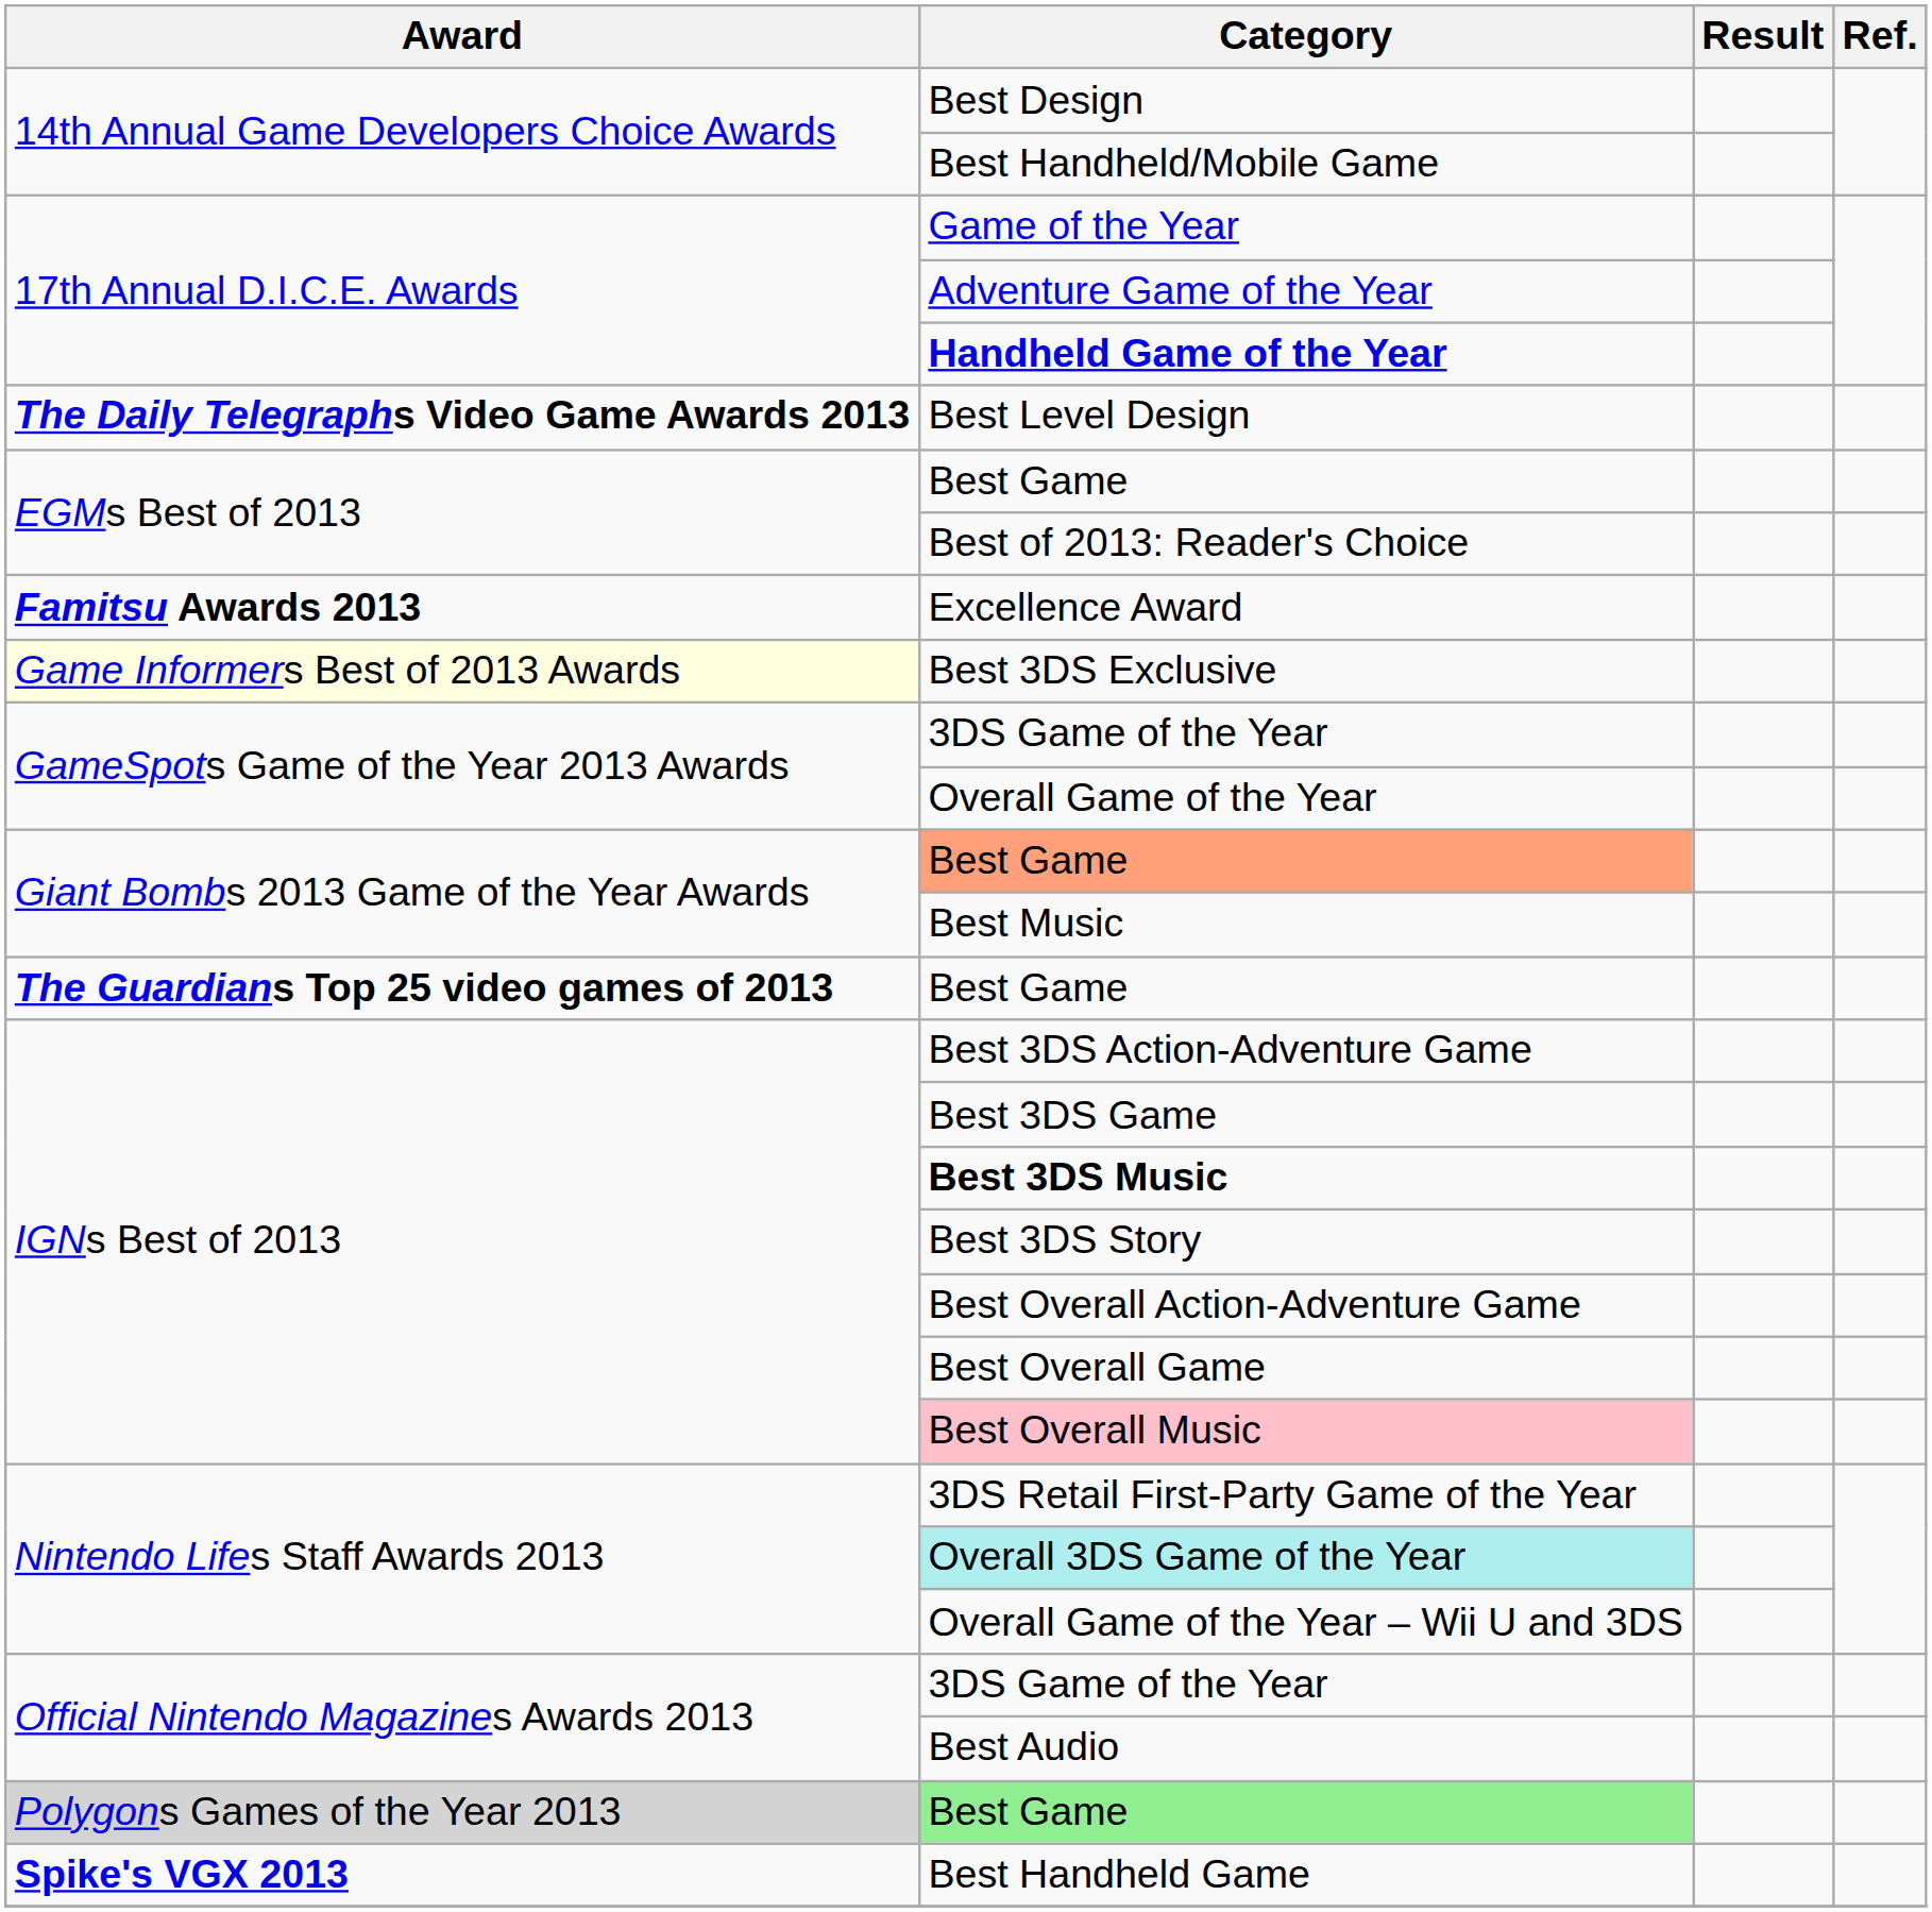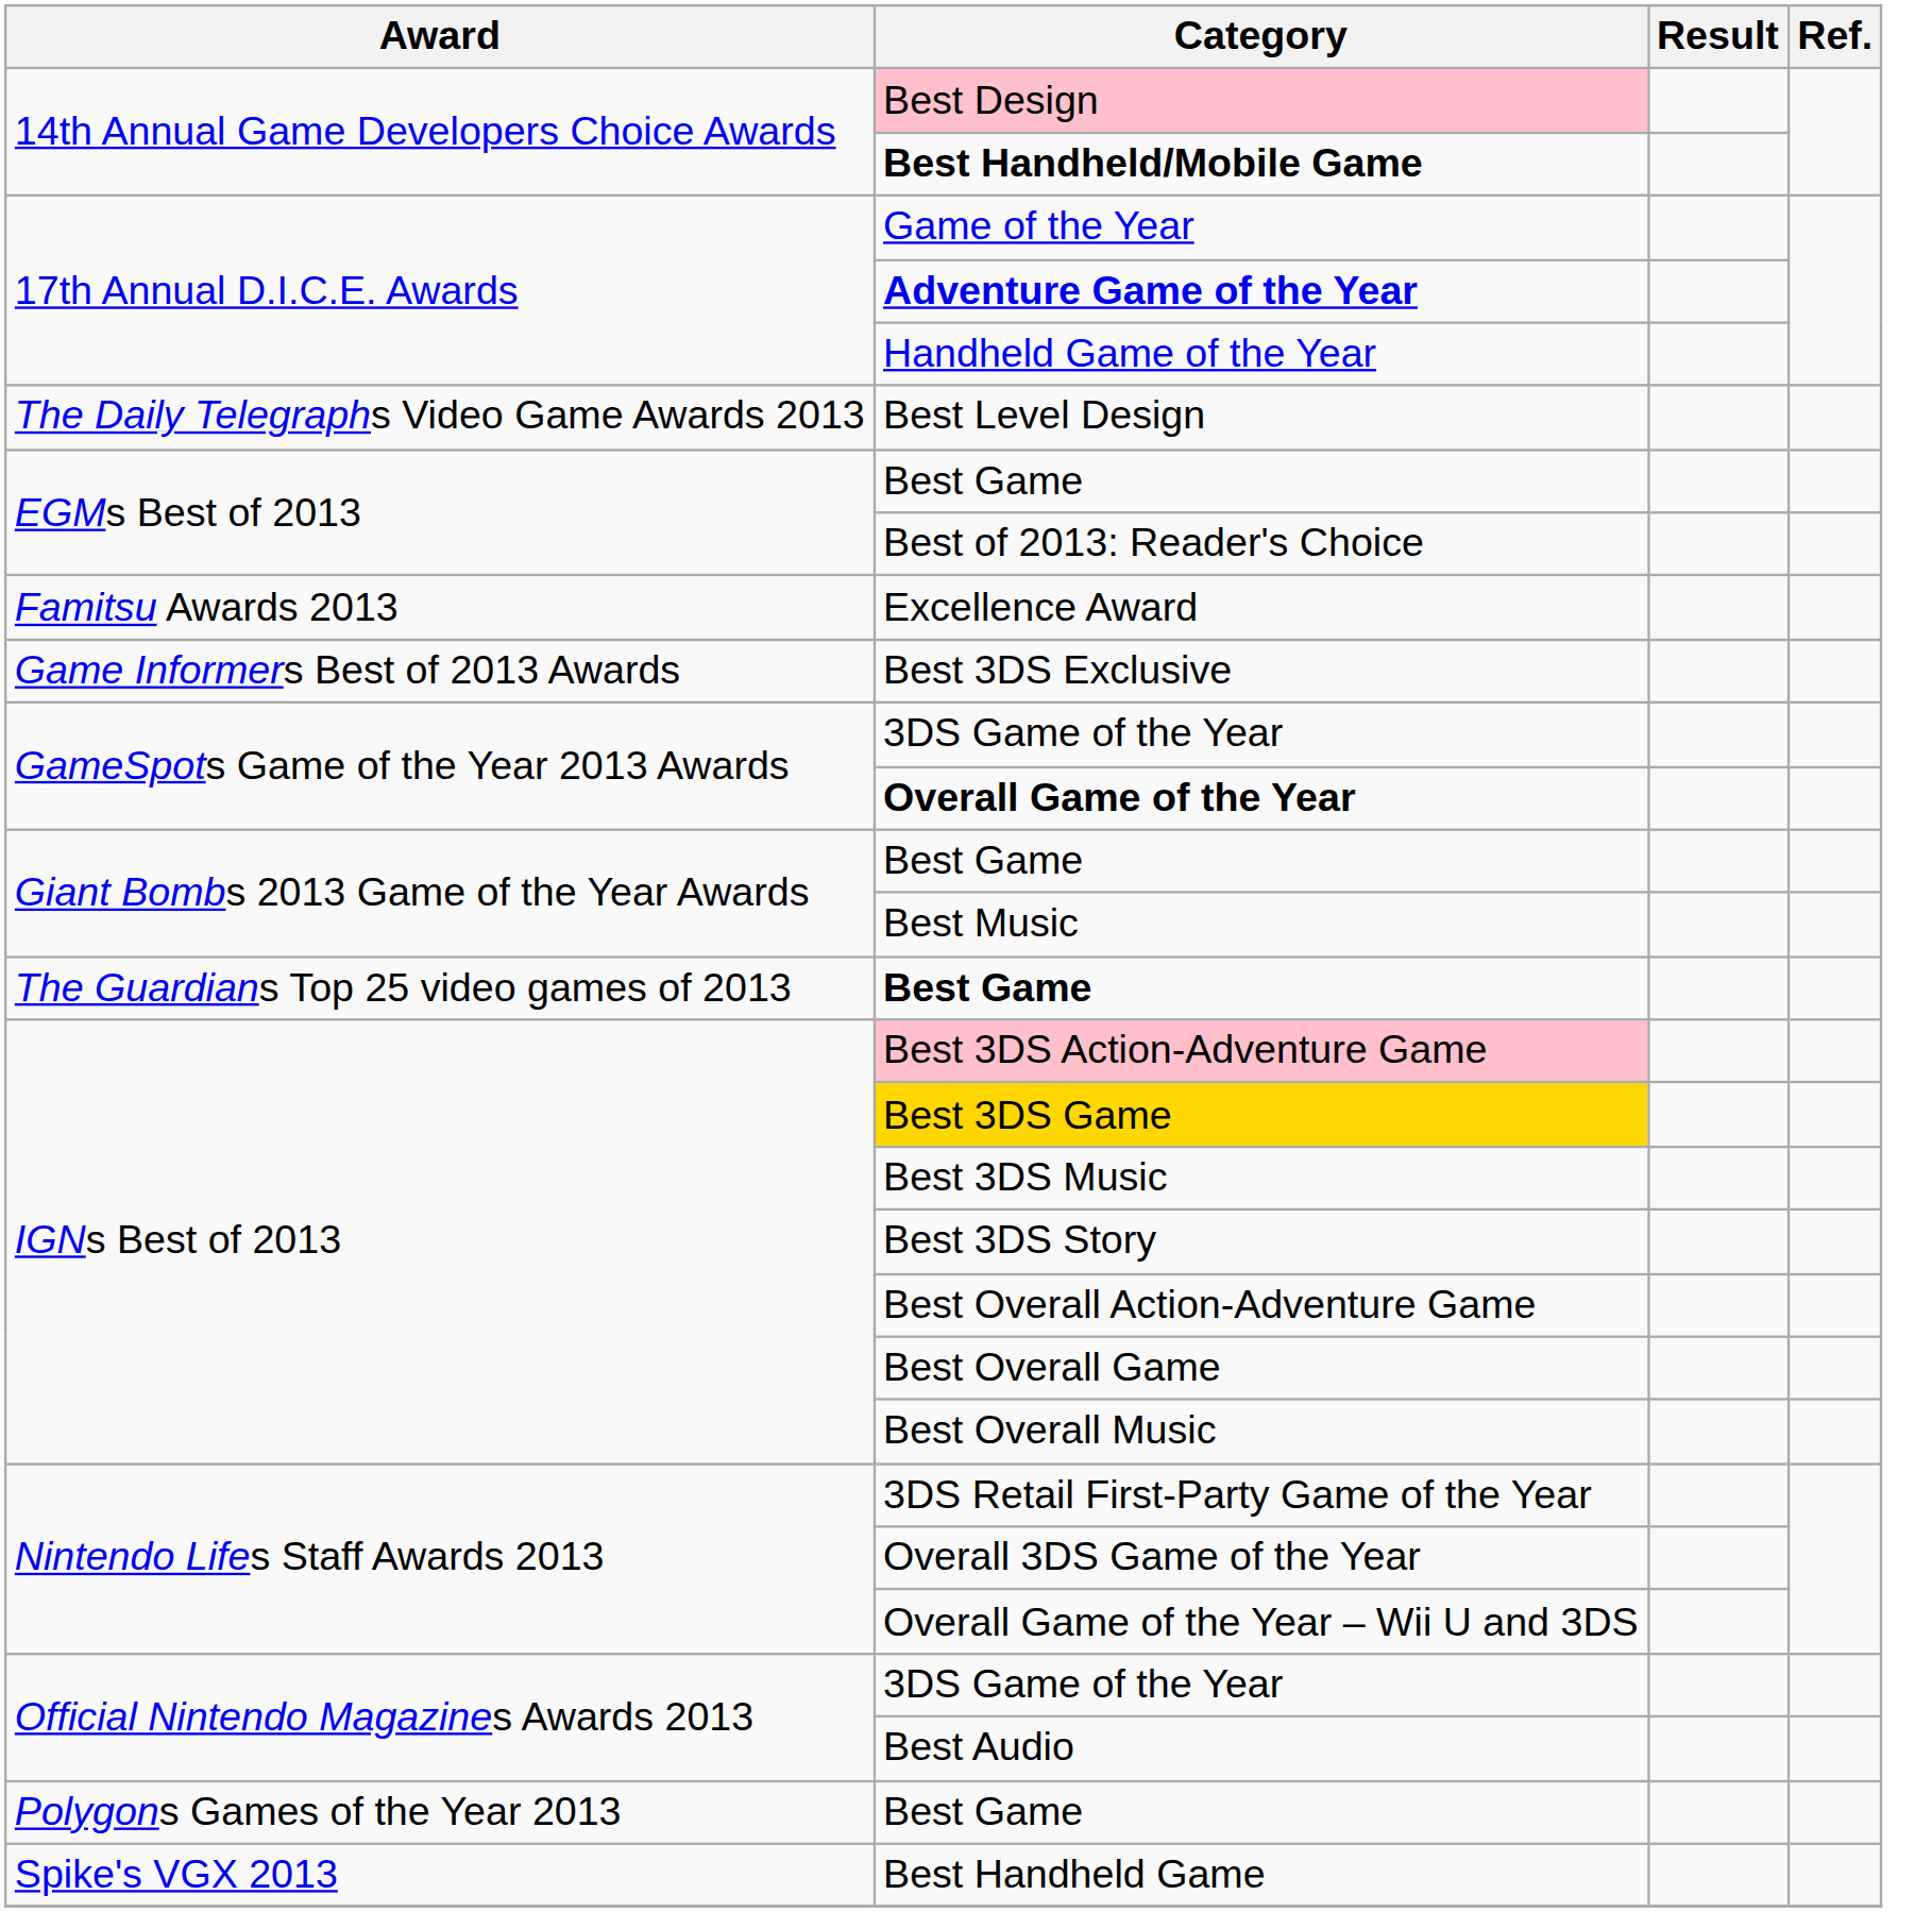 <table class="wikitable collapsible">
 <tr>
 <th>Award</th>
 <th>Category</th>
 <th>Result</th>
 <th>Ref.</th>
 </tr>
 <tr>
 <td rowspan="2"><a href='#'>14th Annual Game Developers Choice Awards</a></td>
-<td>Best Design</td>
+<td style="background: pink;">Best Design</td>
 <td></td>
 <td rowspan="2" style="text-align:center;"></td>
 </tr>
 <tr>
-<td>Best Handheld/Mobile Game</td>
+<td><strong>Best Handheld/Mobile Game</strong></td>
 <td></td>
 </tr>
 <tr>
 <td rowspan="3"><a href='#'>17th Annual D.I.C.E. Awards</a></td>
 <td><a href='#'>Game of the Year</a></td>
 <td></td>
 <td rowspan="3" style="text-align:center;"></td>
 </tr>
 <tr>
-<td><a href='#'>Adventure Game of the Year</a></td>
+<td><strong><a href='#'>Adventure Game of the Year</a></strong></td>
 <td></td>
 </tr>
 <tr>
-<td><strong><a href='#'>Handheld Game of the Year</a></strong></td>
+<td><a href='#'>Handheld Game of the Year</a></td>
 <td></td>
 </tr>
 <tr>
-<td><strong><em><a href='#'>The Daily Telegraph</a></em>s Video Game Awards 2013</strong></td>
+<td><em><a href='#'>The Daily Telegraph</a></em>s Video Game Awards 2013</td>
 <td>Best Level Design</td>
 <td></td>
 <td style="text-align:center;"></td>
 </tr>
 <tr>
 <td rowspan="2"><em><a href='#'>EGM</a></em>s Best of 2013</td>
 <td>Best Game</td>
 <td></td>
 <td style="text-align:center;"></td>
 </tr>
 <tr>
 <td>Best of 2013: Reader's Choice</td>
 <td></td>
 <td style="text-align:center;"></td>
 </tr>
 <tr>
-<td><strong><em><a href='#'>Famitsu</a></em> Awards 2013</strong></td>
+<td><em><a href='#'>Famitsu</a></em> Awards 2013</td>
 <td>Excellence Award</td>
 <td></td>
 <td style="text-align:center;"></td>
 </tr>
 <tr>
-<td style="background: lightyellow;"><em><a href='#'>Game Informer</a></em>s Best of 2013 Awards</td>
+<td><em><a href='#'>Game Informer</a></em>s Best of 2013 Awards</td>
 <td>Best 3DS Exclusive</td>
 <td></td>
 <td style="text-align:center;"></td>
 </tr>
 <tr>
 <td rowspan="2"><em><a href='#'>GameSpot</a></em>s Game of the Year 2013 Awards</td>
 <td>3DS Game of the Year</td>
 <td></td>
 <td style="text-align:center;"></td>
 </tr>
 <tr>
-<td>Overall Game of the Year</td>
+<td><strong>Overall Game of the Year</strong></td>
 <td></td>
 <td style="text-align:center;"></td>
 </tr>
 <tr>
 <td rowspan="2"><em><a href='#'>Giant Bomb</a></em>s 2013 Game of the Year Awards</td>
-<td style="background: lightsalmon;">Best Game</td>
+<td>Best Game</td>
 <td></td>
 <td style="text-align:center;"></td>
 </tr>
 <tr>
 <td>Best Music</td>
 <td></td>
 <td style="text-align:center;"></td>
 </tr>
 <tr>
-<td><strong><em><a href='#'>The Guardian</a></em>s Top 25 video games of 2013</strong></td>
-<td>Best Game</td>
+<td><em><a href='#'>The Guardian</a></em>s Top 25 video games of 2013</td>
+<td><strong>Best Game</strong></td>
 <td></td>
 <td style="text-align:center;"></td>
 </tr>
 <tr>
 <td rowspan="7"><em><a href='#'>IGN</a></em>s Best of 2013</td>
-<td>Best 3DS Action-Adventure Game</td>
+<td style="background: pink;">Best 3DS Action-Adventure Game</td>
 <td></td>
 <td style="text-align:center;"></td>
 </tr>
 <tr>
-<td>Best 3DS Game</td>
+<td style="background: gold;">Best 3DS Game</td>
 <td></td>
 <td style="text-align:center;"></td>
 </tr>
 <tr>
-<td><strong>Best 3DS Music</strong></td>
+<td>Best 3DS Music</td>
 <td></td>
 <td style="text-align:center;"></td>
 </tr>
 <tr>
 <td>Best 3DS Story</td>
 <td></td>
 <td style="text-align:center;"></td>
 </tr>
 <tr>
 <td>Best Overall Action-Adventure Game</td>
 <td></td>
 <td style="text-align:center;"></td>
 </tr>
 <tr>
 <td>Best Overall Game</td>
 <td></td>
 <td style="text-align:center;"></td>
 </tr>
 <tr>
-<td style="background: pink;">Best Overall Music</td>
+<td>Best Overall Music</td>
 <td></td>
 <td style="text-align:center;"></td>
 </tr>
 <tr>
 <td rowspan="3"><em><a href='#'>Nintendo Life</a></em>s Staff Awards 2013</td>
 <td>3DS Retail First-Party Game of the Year</td>
 <td></td>
 <td rowspan="3" style="text-align:center;"></td>
 </tr>
 <tr>
-<td style="background: paleturquoise;">Overall 3DS Game of the Year</td>
+<td>Overall 3DS Game of the Year</td>
 <td></td>
 </tr>
 <tr>
 <td>Overall Game of the Year – Wii U and 3DS</td>
 <td></td>
 </tr>
 <tr>
 <td rowspan="2"><em><a href='#'>Official Nintendo Magazine</a></em>s Awards 2013</td>
 <td>3DS Game of the Year</td>
 <td></td>
 <td style="text-align:center;"></td>
 </tr>
 <tr>
 <td>Best Audio</td>
 <td></td>
 <td style="text-align:center;"></td>
 </tr>
 <tr>
-<td style="background: lightgrey;"><em><a href='#'>Polygon</a></em>s Games of the Year 2013</td>
-<td style="background: lightgreen;">Best Game</td>
+<td><em><a href='#'>Polygon</a></em>s Games of the Year 2013</td>
+<td>Best Game</td>
 <td></td>
 <td style="text-align:center;"></td>
 </tr>
 <tr>
-<td><strong><a href='#'>Spike's VGX 2013</a></strong></td>
+<td><a href='#'>Spike's VGX 2013</a></td>
 <td>Best Handheld Game</td>
 <td></td>
 <td style="text-align:center;"></td>
 </tr>
 <tr>
 </tr>
 </table>
